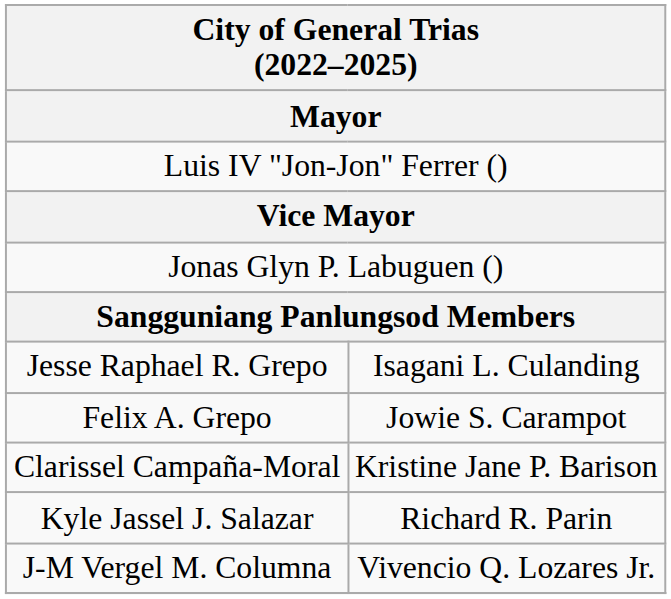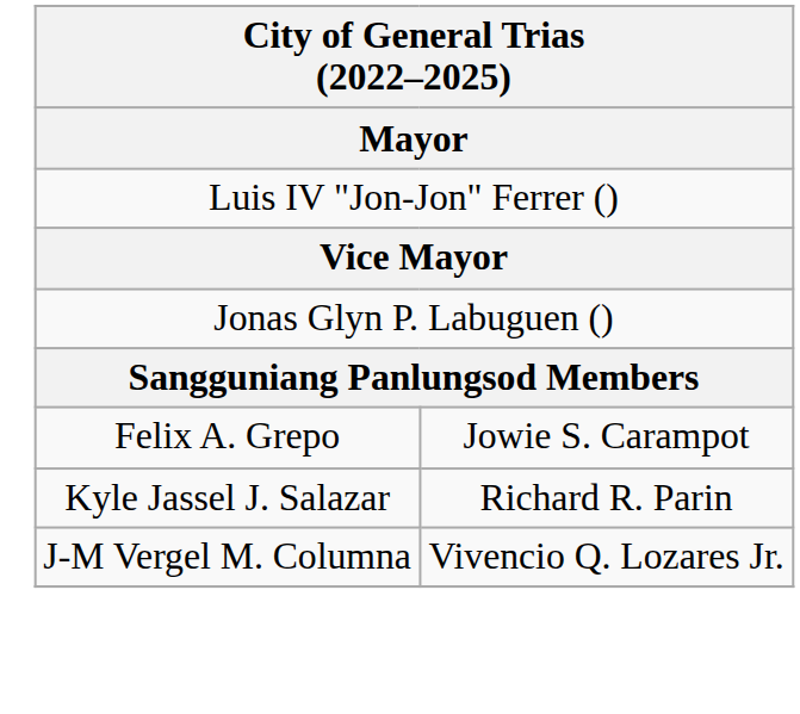 <table class="wikitable" style="margin:1.7em; margin-top:0;" align=right>
 <tr style="text-align:center;">
 <th colspan="2" bgcolor="peach" align="center">City of General Trias<br>(2022–2025)</th>
 </tr>
 <tr style="text-align:center;">
 <th colspan="2" bgcolor="peach" align="center">Mayor</th>
 </tr>
 <tr style="text-align:center;">
 <td colspan="2" align="center">Luis IV "Jon-Jon" Ferrer ()</td>
 </tr>
 <tr style="text-align:center;">
 <th colspan="2" align="center">Vice Mayor</th>
 </tr>
 <tr style="text-align:center;">
 <td colspan="2" align="center">Jonas Glyn P. Labuguen ()</td>
 </tr>
 <tr style="text-align:center;">
 <th colspan="2" bgcolor="peach" align="center">Sangguniang Panlungsod Members</th>
 </tr>
 <tr style="text-align:center;">
-<td>Jesse Raphael R. Grepo</td>
-<td>Isagani L. Culanding</td>
-</tr>
-<tr style="text-align:center;">
 <td>Felix A. Grepo</td>
 <td>Jowie S. Carampot</td>
-</tr>
-<tr style="text-align:center;">
-<td>Clarissel Campaña-Moral</td>
-<td>Kristine Jane P. Barison</td>
 </tr>
 <tr style="text-align:center;">
 <td>Kyle Jassel J. Salazar</td>
 <td>Richard R. Parin</td>
 </tr>
 <tr style="text-align:center;">
 <td>J-M Vergel M. Columna</td>
 <td>Vivencio Q. Lozares Jr.</td>
 </tr>
 <tr style="text-align:center;">
 </tr>
 </table>
